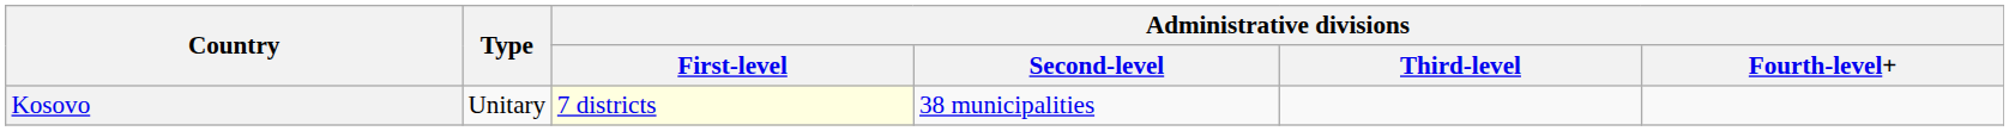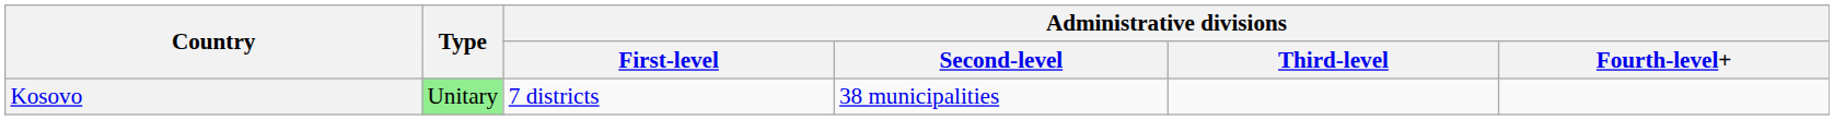 <table style="width:100%;" class="wikitable">
 <tr>
 <th rowspan="2" style="width:24%;">Country</th>
 <th rowspan="2">Type</th>
 <th colspan="4">Administrative divisions</th>
 </tr>
 <tr>
 <th style="width:19%;"><a href='#'>First-level</a></th>
 <th style="width:19%;"><a href='#'>Second-level</a></th>
 <th style="width:19%;"><a href='#'>Third-level</a></th>
 <th style="width:19%;"><a href='#'>Fourth-level</a>+</th>
 </tr>
 <tr valign="top">
 <td style="background:#f2f2f2;"><a href='#'>Kosovo</a></td>
-<td>Unitary</td>
-<td style="background: lightyellow;"><a href='#'>7 districts</a></td>
+<td style="background: lightgreen;">Unitary</td>
+<td><a href='#'>7 districts</a></td>
 <td><a href='#'>38 municipalities</a></td>
 <td></td>
 <td></td>
 </tr>
 </table>
